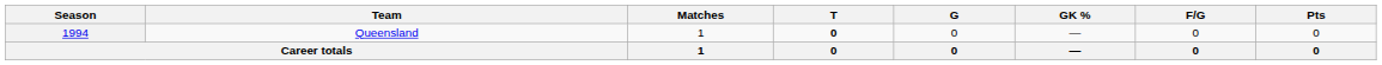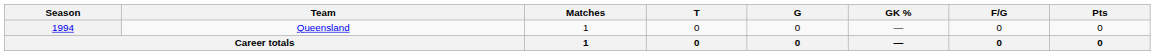 <table class="wikitable sortable"  style="font-size:90%; text-align:center; width:85%;">
 <tr>
 <th width=2%>Season</th>
 <th width=8%>Team</th>
 <th width=2%>Matches</th>
 <th width=2%>T</th>
 <th width=2%>G</th>
 <th width=2%>GK %</th>
 <th width=2%>F/G</th>
 <th width=2%>Pts</th>
 </tr>
 <tr>
 <th scope="row" style="text-align:center; font-weight:normal"><a href='#'>1994</a></th>
 <td style="text-align:center;"> <a href='#'>Queensland</a></td>
 <td>1</td>
-<td><strong>0</strong></td>
+<td>0</td>
 <td>0</td>
 <td>—</td>
 <td>0</td>
 <td>0</td>
 </tr>
 <tr class="sortbottom">
 <th colspan=2>Career totals</th>
 <th>1</th>
 <th>0</th>
 <th>0</th>
 <th>—</th>
 <th>0</th>
 <th>0</th>
 </tr>
 </table>
